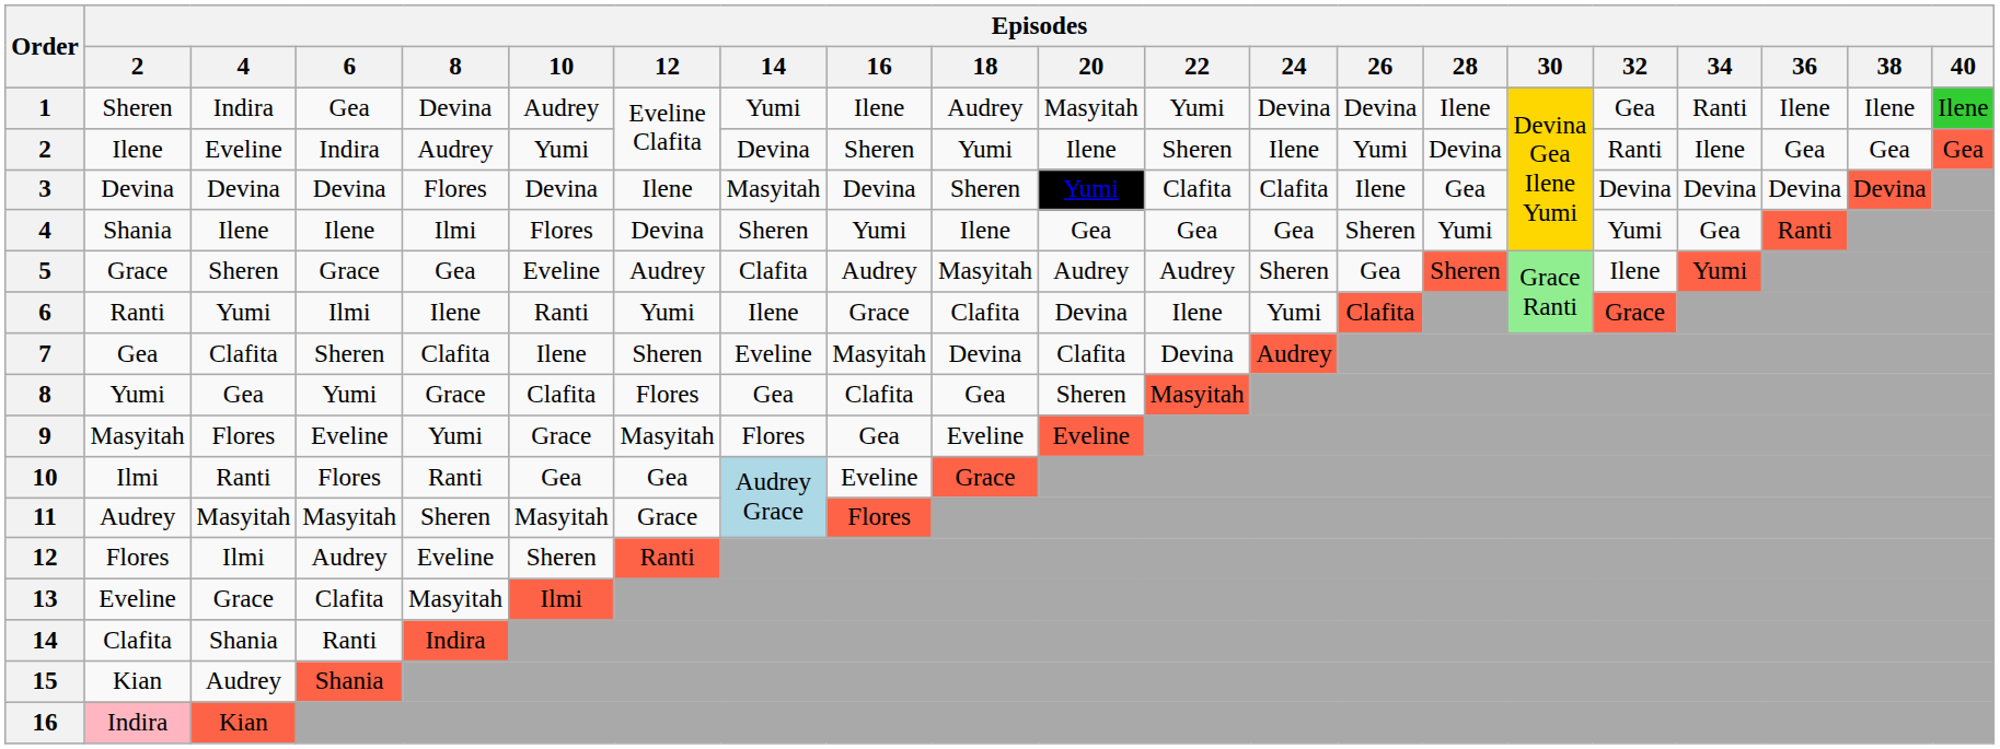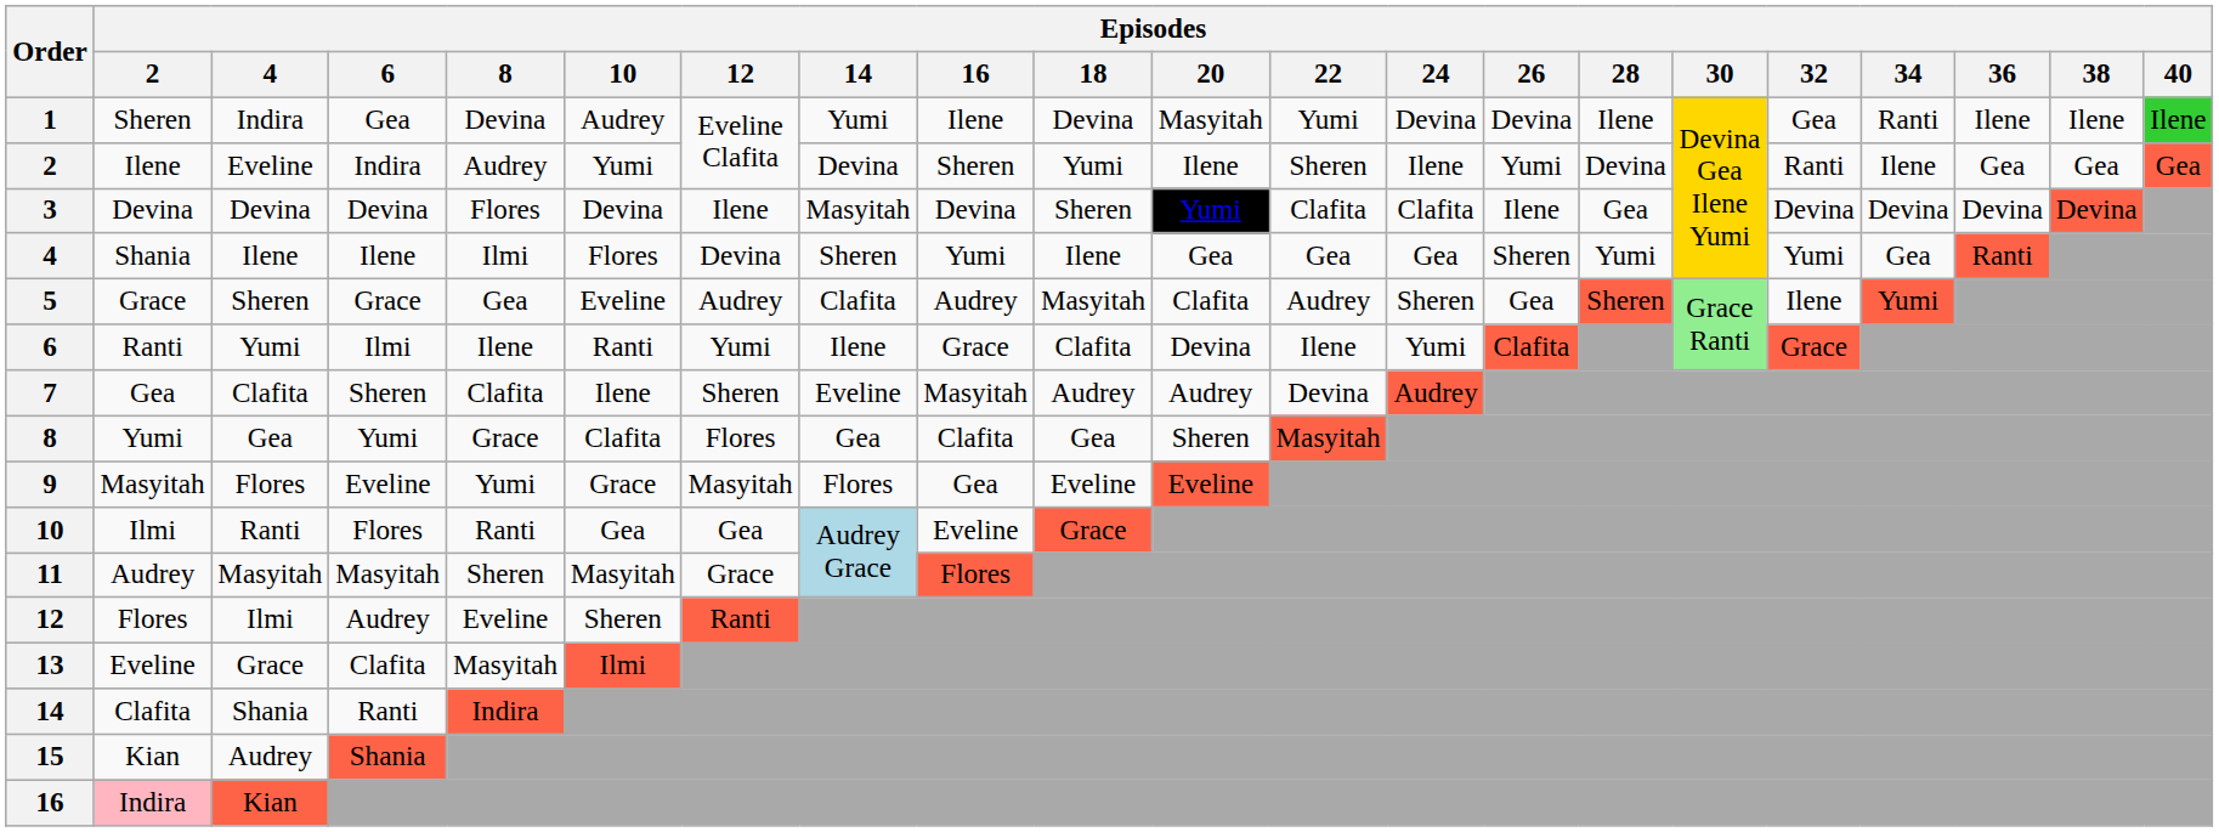 <table class="wikitable" style="text-align:center; font-size:92%">
 <tr>
 <th rowspan=2>Order</th>
 <th colspan="20">Episodes</th>
 </tr>
 <tr>
 <th>2</th>
 <th>4</th>
 <th>6</th>
 <th>8</th>
 <th>10</th>
 <th>12</th>
 <th>14</th>
 <th>16</th>
 <th>18</th>
 <th>20</th>
 <th>22</th>
 <th>24</th>
 <th>26</th>
 <th>28</th>
 <th>30</th>
 <th>32</th>
 <th>34</th>
 <th>36</th>
 <th>38</th>
 <th>40</th>
 </tr>
 <tr>
 <th>1</th>
 <td>Sheren</td>
 <td>Indira</td>
 <td>Gea</td>
 <td>Devina</td>
 <td>Audrey</td>
 <td rowspan="2">Eveline<br>Clafita</td>
 <td>Yumi</td>
 <td>Ilene</td>
-<td>Audrey</td>
+<td>Devina</td>
 <td>Masyitah</td>
 <td>Yumi</td>
 <td>Devina</td>
 <td>Devina</td>
 <td>Ilene</td>
 <td rowspan="4" bgcolor="gold">Devina<br>Gea<br>Ilene<br>Yumi</td>
 <td>Gea</td>
 <td>Ranti</td>
 <td>Ilene</td>
 <td>Ilene</td>
 <td bgcolor="limegreen">Ilene</td>
 </tr>
 <tr>
 <th>2</th>
 <td>Ilene</td>
 <td>Eveline</td>
 <td>Indira</td>
 <td>Audrey</td>
 <td>Yumi</td>
 <td>Devina</td>
 <td>Sheren</td>
 <td>Yumi</td>
 <td>Ilene</td>
 <td>Sheren</td>
 <td>Ilene</td>
 <td>Yumi</td>
 <td>Devina</td>
 <td>Ranti</td>
 <td>Ilene</td>
 <td>Gea</td>
 <td>Gea</td>
 <td bgcolor="tomato">Gea</td>
 </tr>
 <tr>
 <th>3</th>
 <td>Devina</td>
 <td>Devina</td>
 <td>Devina</td>
 <td>Flores</td>
 <td>Devina</td>
 <td>Ilene</td>
 <td>Masyitah</td>
 <td>Devina</td>
 <td>Sheren</td>
 <td bgcolor="black"><a href='#'>Yumi</a></td>
 <td>Clafita</td>
 <td>Clafita</td>
 <td>Ilene</td>
 <td>Gea</td>
 <td>Devina</td>
 <td>Devina</td>
 <td>Devina</td>
 <td bgcolor="tomato">Devina</td>
 <td bgcolor="darkgrey"></td>
 </tr>
 <tr>
 <th>4</th>
 <td>Shania</td>
 <td>Ilene</td>
 <td>Ilene</td>
 <td>Ilmi</td>
 <td>Flores</td>
 <td>Devina</td>
 <td>Sheren</td>
 <td>Yumi</td>
 <td>Ilene</td>
 <td>Gea</td>
 <td>Gea</td>
 <td>Gea</td>
 <td>Sheren</td>
 <td>Yumi</td>
 <td>Yumi</td>
 <td>Gea</td>
 <td bgcolor="tomato">Ranti</td>
 <td colspan="2" bgcolor="darkgrey"></td>
 </tr>
 <tr>
 <th>5</th>
 <td>Grace</td>
 <td>Sheren</td>
 <td>Grace</td>
 <td>Gea</td>
 <td>Eveline</td>
 <td>Audrey</td>
 <td>Clafita</td>
 <td>Audrey</td>
 <td>Masyitah</td>
-<td>Audrey</td>
+<td>Clafita</td>
 <td>Audrey</td>
 <td>Sheren</td>
 <td>Gea</td>
 <td bgcolor="tomato">Sheren</td>
 <td rowspan="2" bgcolor="lightgreen">Grace<br>Ranti</td>
 <td>Ilene</td>
 <td bgcolor="tomato">Yumi</td>
 <td colspan="3" bgcolor="darkgrey"></td>
 </tr>
 <tr>
 <th>6</th>
 <td>Ranti</td>
 <td>Yumi</td>
 <td>Ilmi</td>
 <td>Ilene</td>
 <td>Ranti</td>
 <td>Yumi</td>
 <td>Ilene</td>
 <td>Grace</td>
 <td>Clafita</td>
 <td>Devina</td>
 <td>Ilene</td>
 <td>Yumi</td>
 <td bgcolor="tomato">Clafita</td>
 <td style="background:darkgrey"></td>
 <td bgcolor="tomato">Grace</td>
 <td colspan="4" bgcolor="darkgrey"></td>
 </tr>
 <tr>
 <th>7</th>
 <td>Gea</td>
 <td>Clafita</td>
 <td>Sheren</td>
 <td>Clafita</td>
 <td>Ilene</td>
 <td>Sheren</td>
 <td>Eveline</td>
 <td>Masyitah</td>
-<td>Devina</td>
-<td>Clafita</td>
+<td>Audrey</td>
+<td>Audrey</td>
 <td>Devina</td>
 <td bgcolor="tomato">Audrey</td>
 <td colspan="8" bgcolor="darkgrey"></td>
 </tr>
 <tr>
 <th>8</th>
 <td>Yumi</td>
 <td>Gea</td>
 <td>Yumi</td>
 <td>Grace</td>
 <td>Clafita</td>
 <td>Flores</td>
 <td>Gea</td>
 <td>Clafita</td>
 <td>Gea</td>
 <td>Sheren</td>
 <td bgcolor="tomato">Masyitah</td>
 <td colspan="9" bgcolor="darkgrey"></td>
 </tr>
 <tr>
 <th>9</th>
 <td>Masyitah</td>
 <td>Flores</td>
 <td>Eveline</td>
 <td>Yumi</td>
 <td>Grace</td>
 <td>Masyitah</td>
 <td>Flores</td>
 <td>Gea</td>
 <td>Eveline</td>
 <td bgcolor="tomato">Eveline</td>
 <td colspan="10" bgcolor="darkgrey"></td>
 </tr>
 <tr>
 <th>10</th>
 <td>Ilmi</td>
 <td>Ranti</td>
 <td>Flores</td>
 <td>Ranti</td>
 <td>Gea</td>
 <td>Gea</td>
 <td rowspan=2 bgcolor="lightblue">Audrey<br>Grace</td>
 <td>Eveline</td>
 <td bgcolor="tomato">Grace</td>
 <td colspan="11" bgcolor="darkgrey"></td>
 </tr>
 <tr>
 <th>11</th>
 <td>Audrey</td>
 <td>Masyitah</td>
 <td>Masyitah</td>
 <td>Sheren</td>
 <td>Masyitah</td>
 <td>Grace</td>
 <td bgcolor="tomato">Flores</td>
 <td colspan="12" bgcolor="darkgrey"></td>
 </tr>
 <tr>
 <th>12</th>
 <td>Flores</td>
 <td>Ilmi</td>
 <td>Audrey</td>
 <td>Eveline</td>
 <td>Sheren</td>
 <td bgcolor="tomato">Ranti</td>
 <td colspan="14" bgcolor="darkgrey"></td>
 </tr>
 <tr>
 <th>13</th>
 <td>Eveline</td>
 <td>Grace</td>
 <td>Clafita</td>
 <td>Masyitah</td>
 <td bgcolor="tomato">Ilmi</td>
 <td colspan="15" bgcolor="darkgrey"></td>
 </tr>
 <tr>
 <th>14</th>
 <td>Clafita</td>
 <td>Shania</td>
 <td>Ranti</td>
 <td bgcolor="tomato">Indira</td>
 <td colspan="16" bgcolor="darkgrey"></td>
 </tr>
 <tr>
 <th>15</th>
 <td>Kian</td>
 <td>Audrey</td>
 <td bgcolor="tomato">Shania</td>
 <td colspan="17" bgcolor="darkgrey"></td>
 </tr>
 <tr>
 <th>16</th>
 <td bgcolor="lightpink">Indira</td>
 <td bgcolor="tomato">Kian</td>
 <td colspan="18" bgcolor="darkgrey"></td>
 </tr>
 </table>
